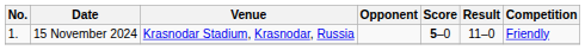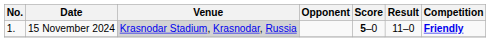 <table class="wikitable">
 <tr>
 <th>No.</th>
 <th>Date</th>
 <th>Venue</th>
 <th>Opponent</th>
 <th>Score</th>
 <th>Result</th>
 <th>Competition</th>
 </tr>
 <tr>
 <td>1.</td>
 <td>15 November 2024</td>
-<td><a href='#'>Krasnodar Stadium</a>, <a href='#'>Krasnodar</a>, <a href='#'>Russia</a></td>
+<td style="background: lightgrey;"><a href='#'>Krasnodar Stadium</a>, <a href='#'>Krasnodar</a>, <a href='#'>Russia</a></td>
 <td></td>
 <td align=center><strong>5</strong>–0</td>
 <td align=center>11–0</td>
-<td><a href='#'>Friendly</a></td>
+<td><strong><a href='#'>Friendly</a></strong></td>
 </tr>
 <tr>
 </tr>
 </table>
